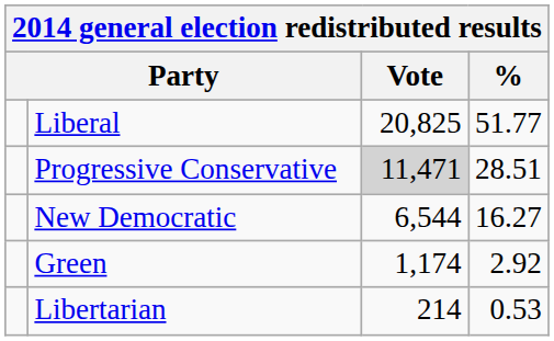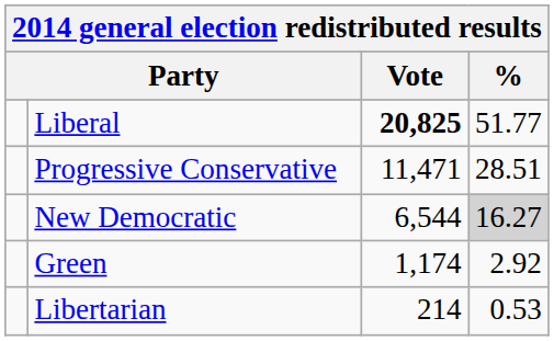 <table class="wikitable">
 <tr>
 <th colspan="4"><a href='#'>2014 general election</a> redistributed results</th>
 </tr>
 <tr>
 <th bgcolor="#DDDDFF" width="130px" colspan="2">Party</th>
 <th bgcolor="#DDDDFF" width="50px">Vote</th>
 <th bgcolor="#DDDDFF" width="30px">%</th>
 </tr>
 <tr>
 <td> </td>
 <td><a href='#'>Liberal</a></td>
-<td align=right>20,825</td>
+<td align=right><strong>20,825</strong></td>
 <td align=right>51.77</td>
 </tr>
 <tr>
 <td> </td>
 <td><a href='#'>Progressive Conservative</a></td>
-<td align=right style="background: lightgrey;">11,471</td>
+<td align=right>11,471</td>
 <td align=right>28.51</td>
 </tr>
 <tr>
 <td> </td>
 <td><a href='#'>New Democratic</a></td>
 <td align=right>6,544</td>
-<td align=right>16.27</td>
+<td align=right style="background: lightgrey;">16.27</td>
 </tr>
 <tr>
 <td> </td>
 <td><a href='#'>Green</a></td>
 <td align=right>1,174</td>
 <td align=right>2.92</td>
 </tr>
 <tr>
 <td> </td>
 <td><a href='#'>Libertarian</a></td>
 <td align=right>214</td>
 <td align=right>0.53</td>
 </tr>
 </table>
